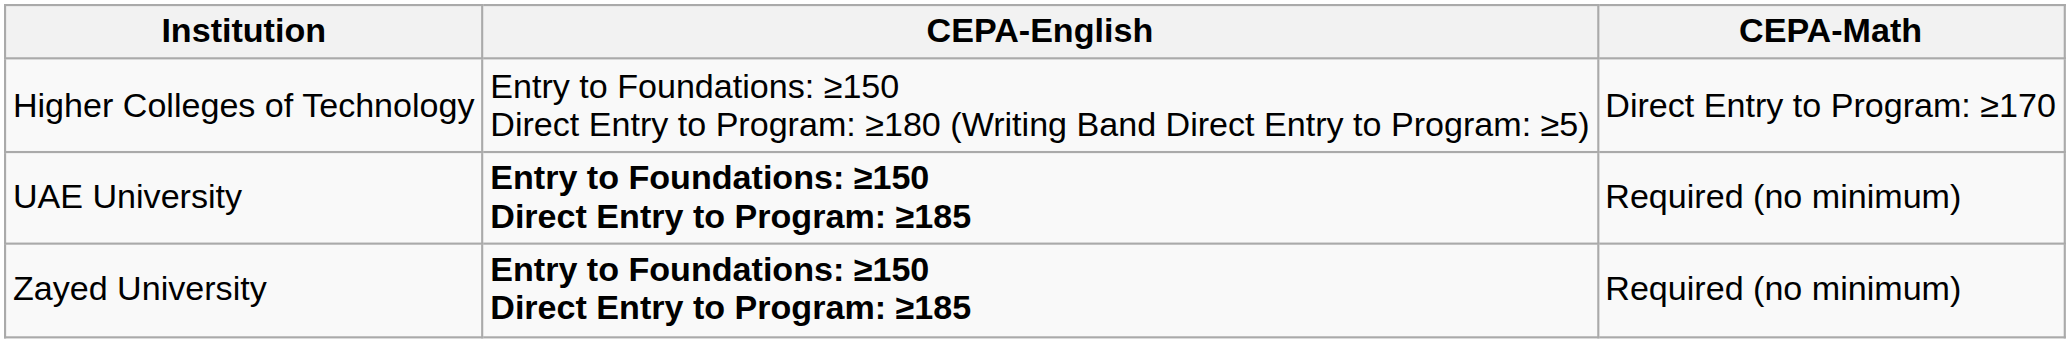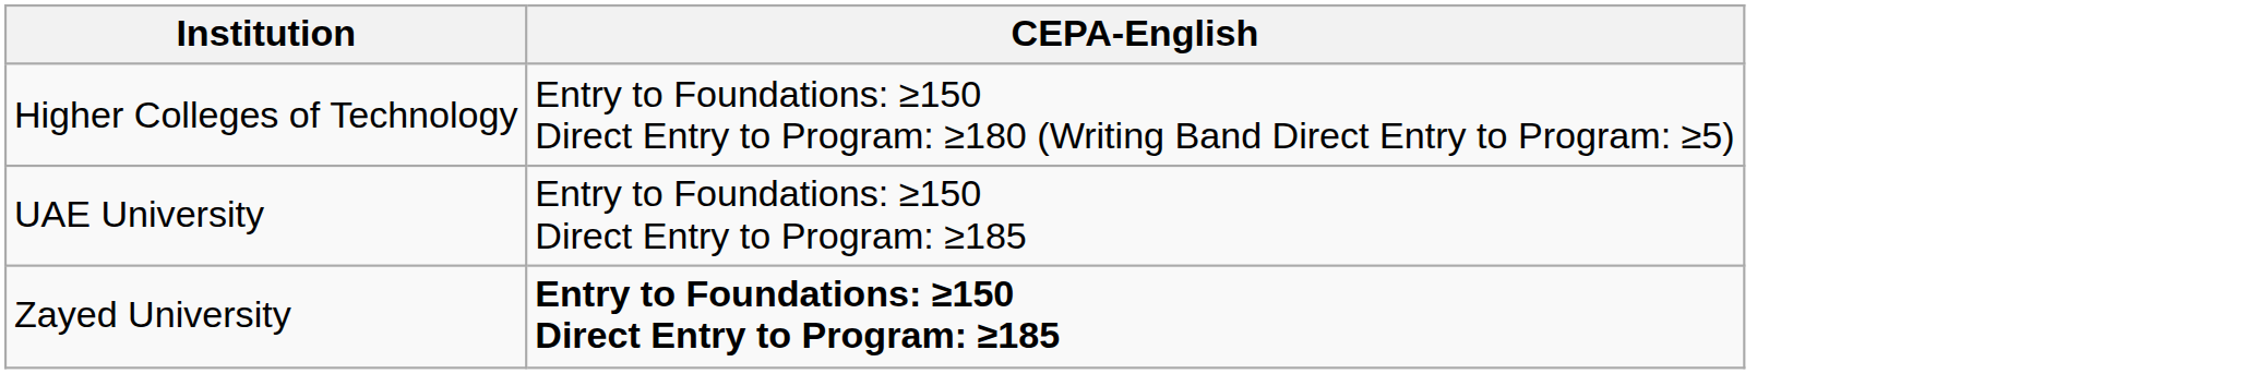 <table class="wikitable">
 <tr>
 <th>Institution</th>
 <th>CEPA-English</th>
-<th>CEPA-Math</th>
 </tr>
 <tr>
 <td>Higher Colleges of Technology</td>
 <td>Entry to Foundations: ≥150<br>Direct Entry to Program: ≥180 (Writing Band Direct Entry to Program: ≥5)</td>
-<td>Direct Entry to Program: ≥170</td>
 </tr>
 <tr>
 <td>UAE University</td>
-<td><strong>Entry to Foundations: ≥150<br>Direct Entry to Program: ≥185</strong></td>
-<td>Required (no minimum)</td>
+<td>Entry to Foundations: ≥150<br>Direct Entry to Program: ≥185</td>
 </tr>
 <tr>
 <td>Zayed University</td>
 <td><strong>Entry to Foundations: ≥150<br>Direct Entry to Program: ≥185</strong></td>
-<td>Required (no minimum)</td>
 </tr>
 </table>
